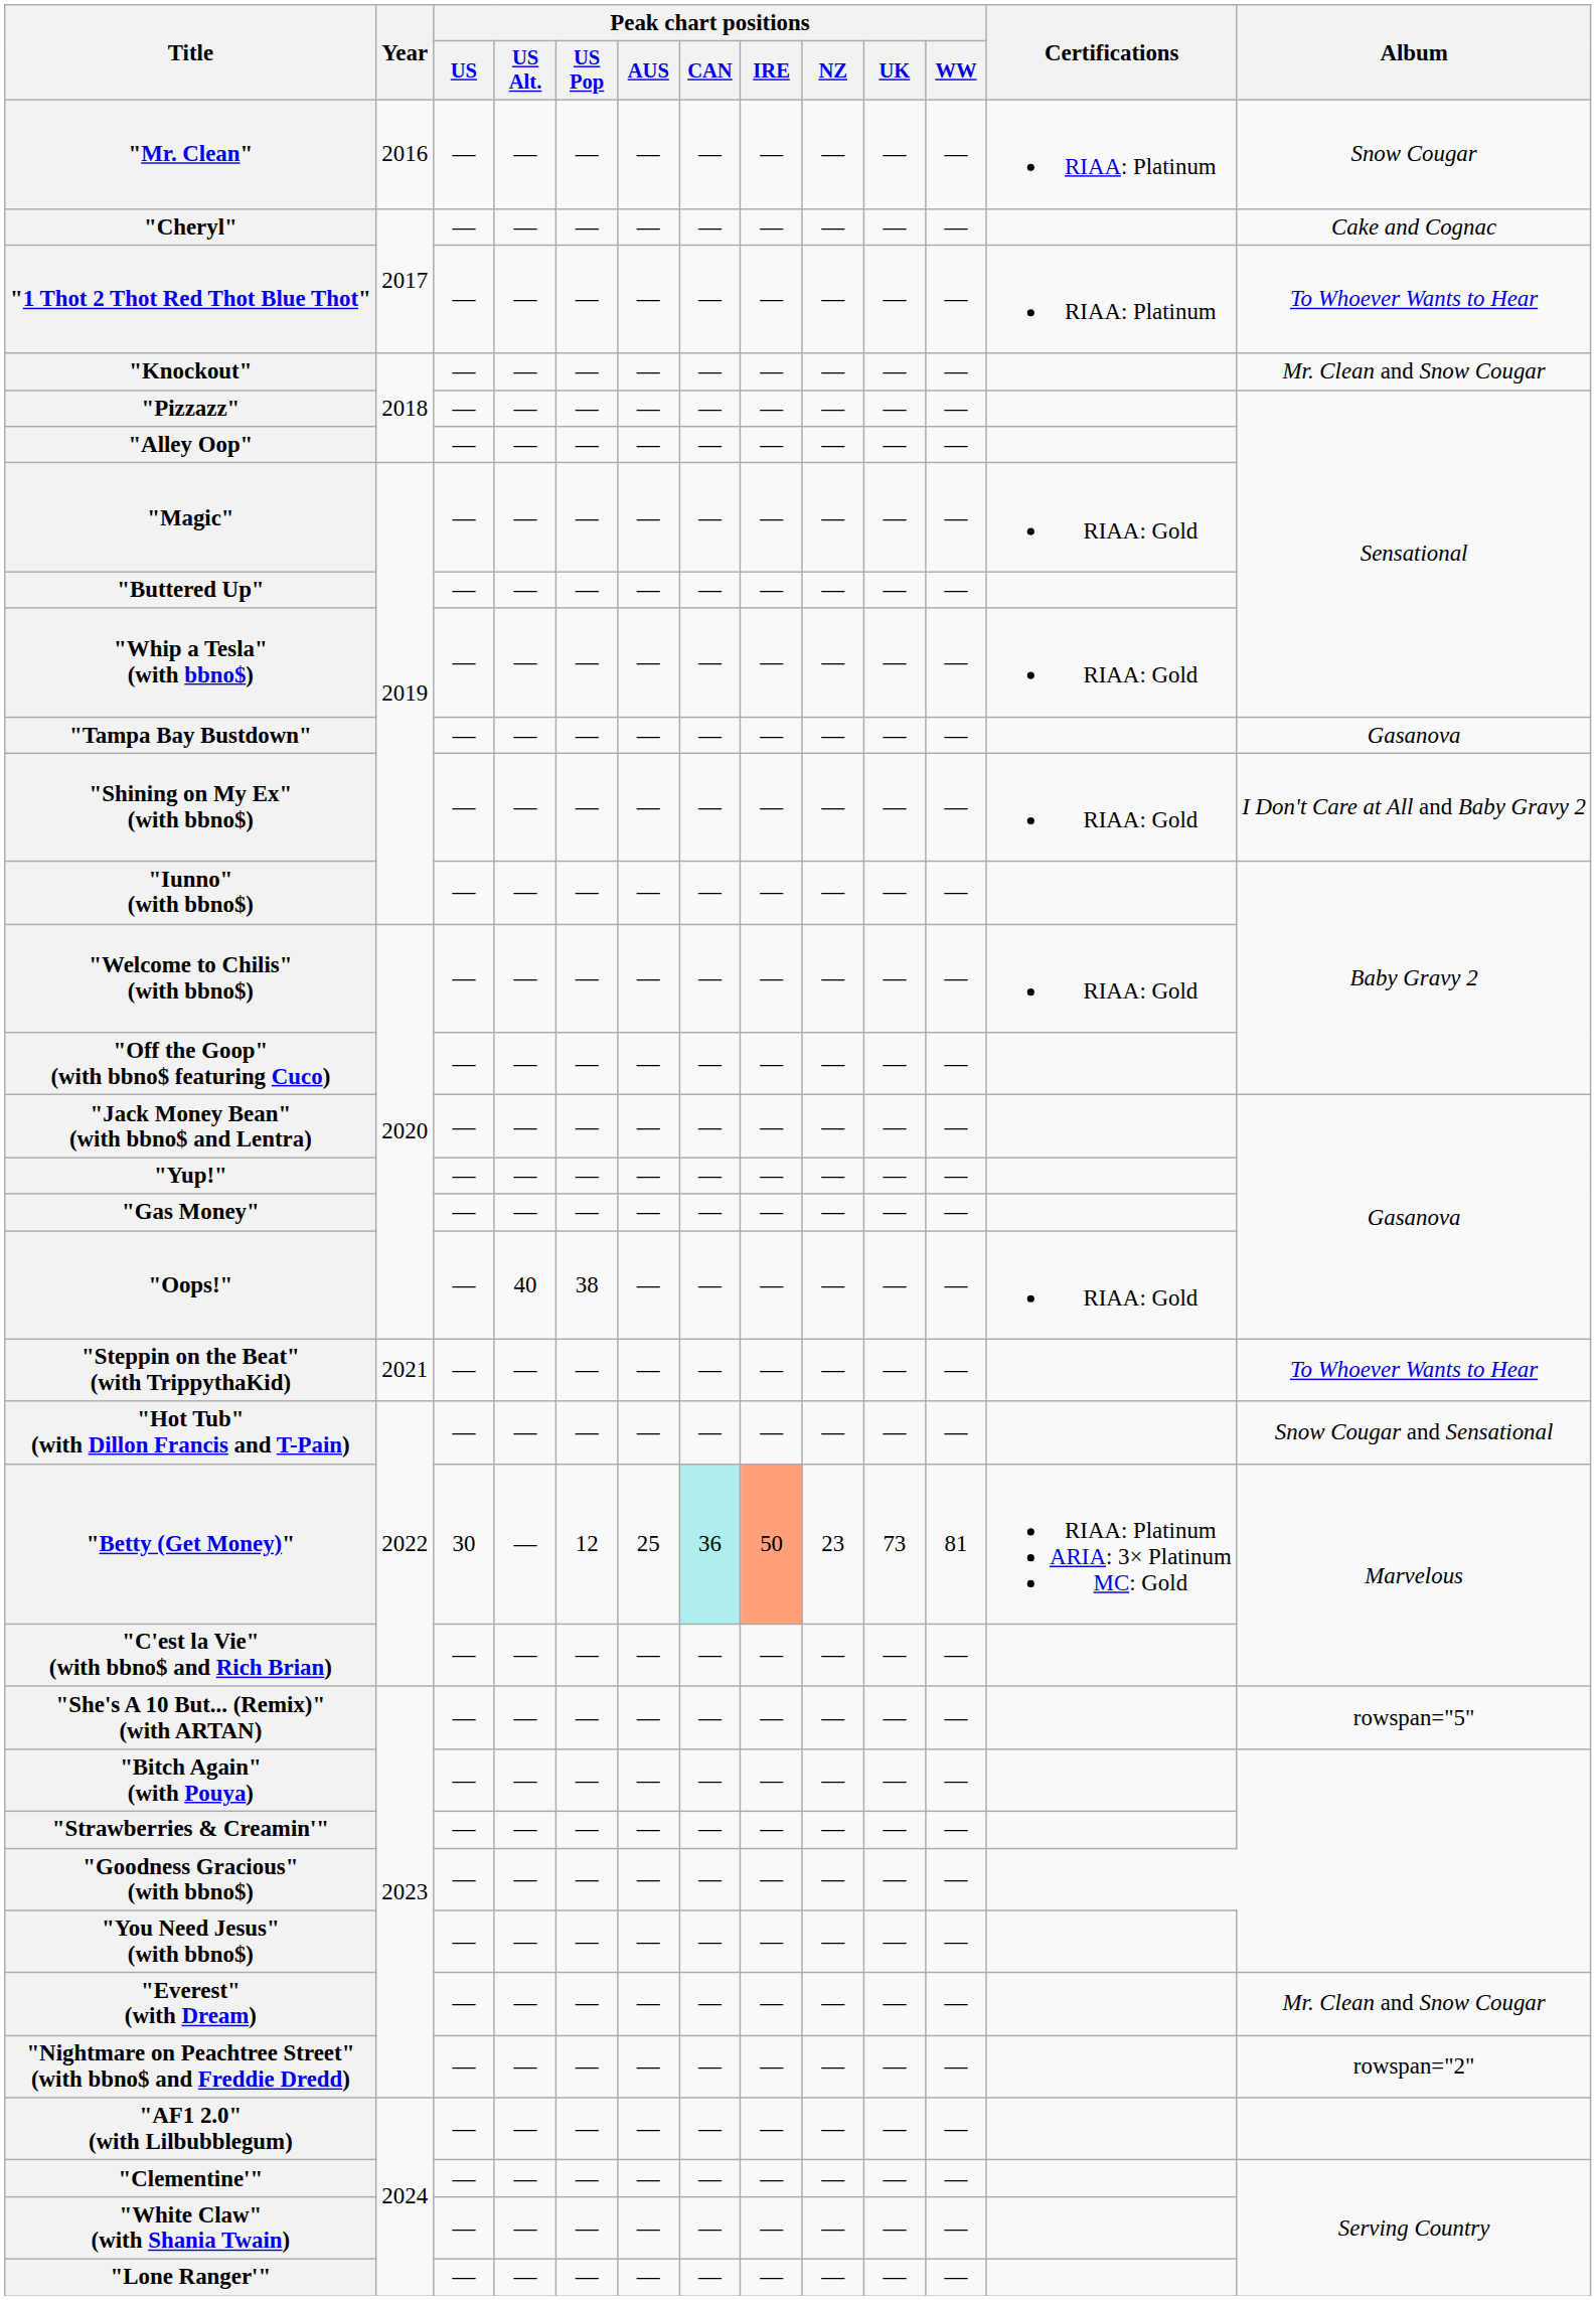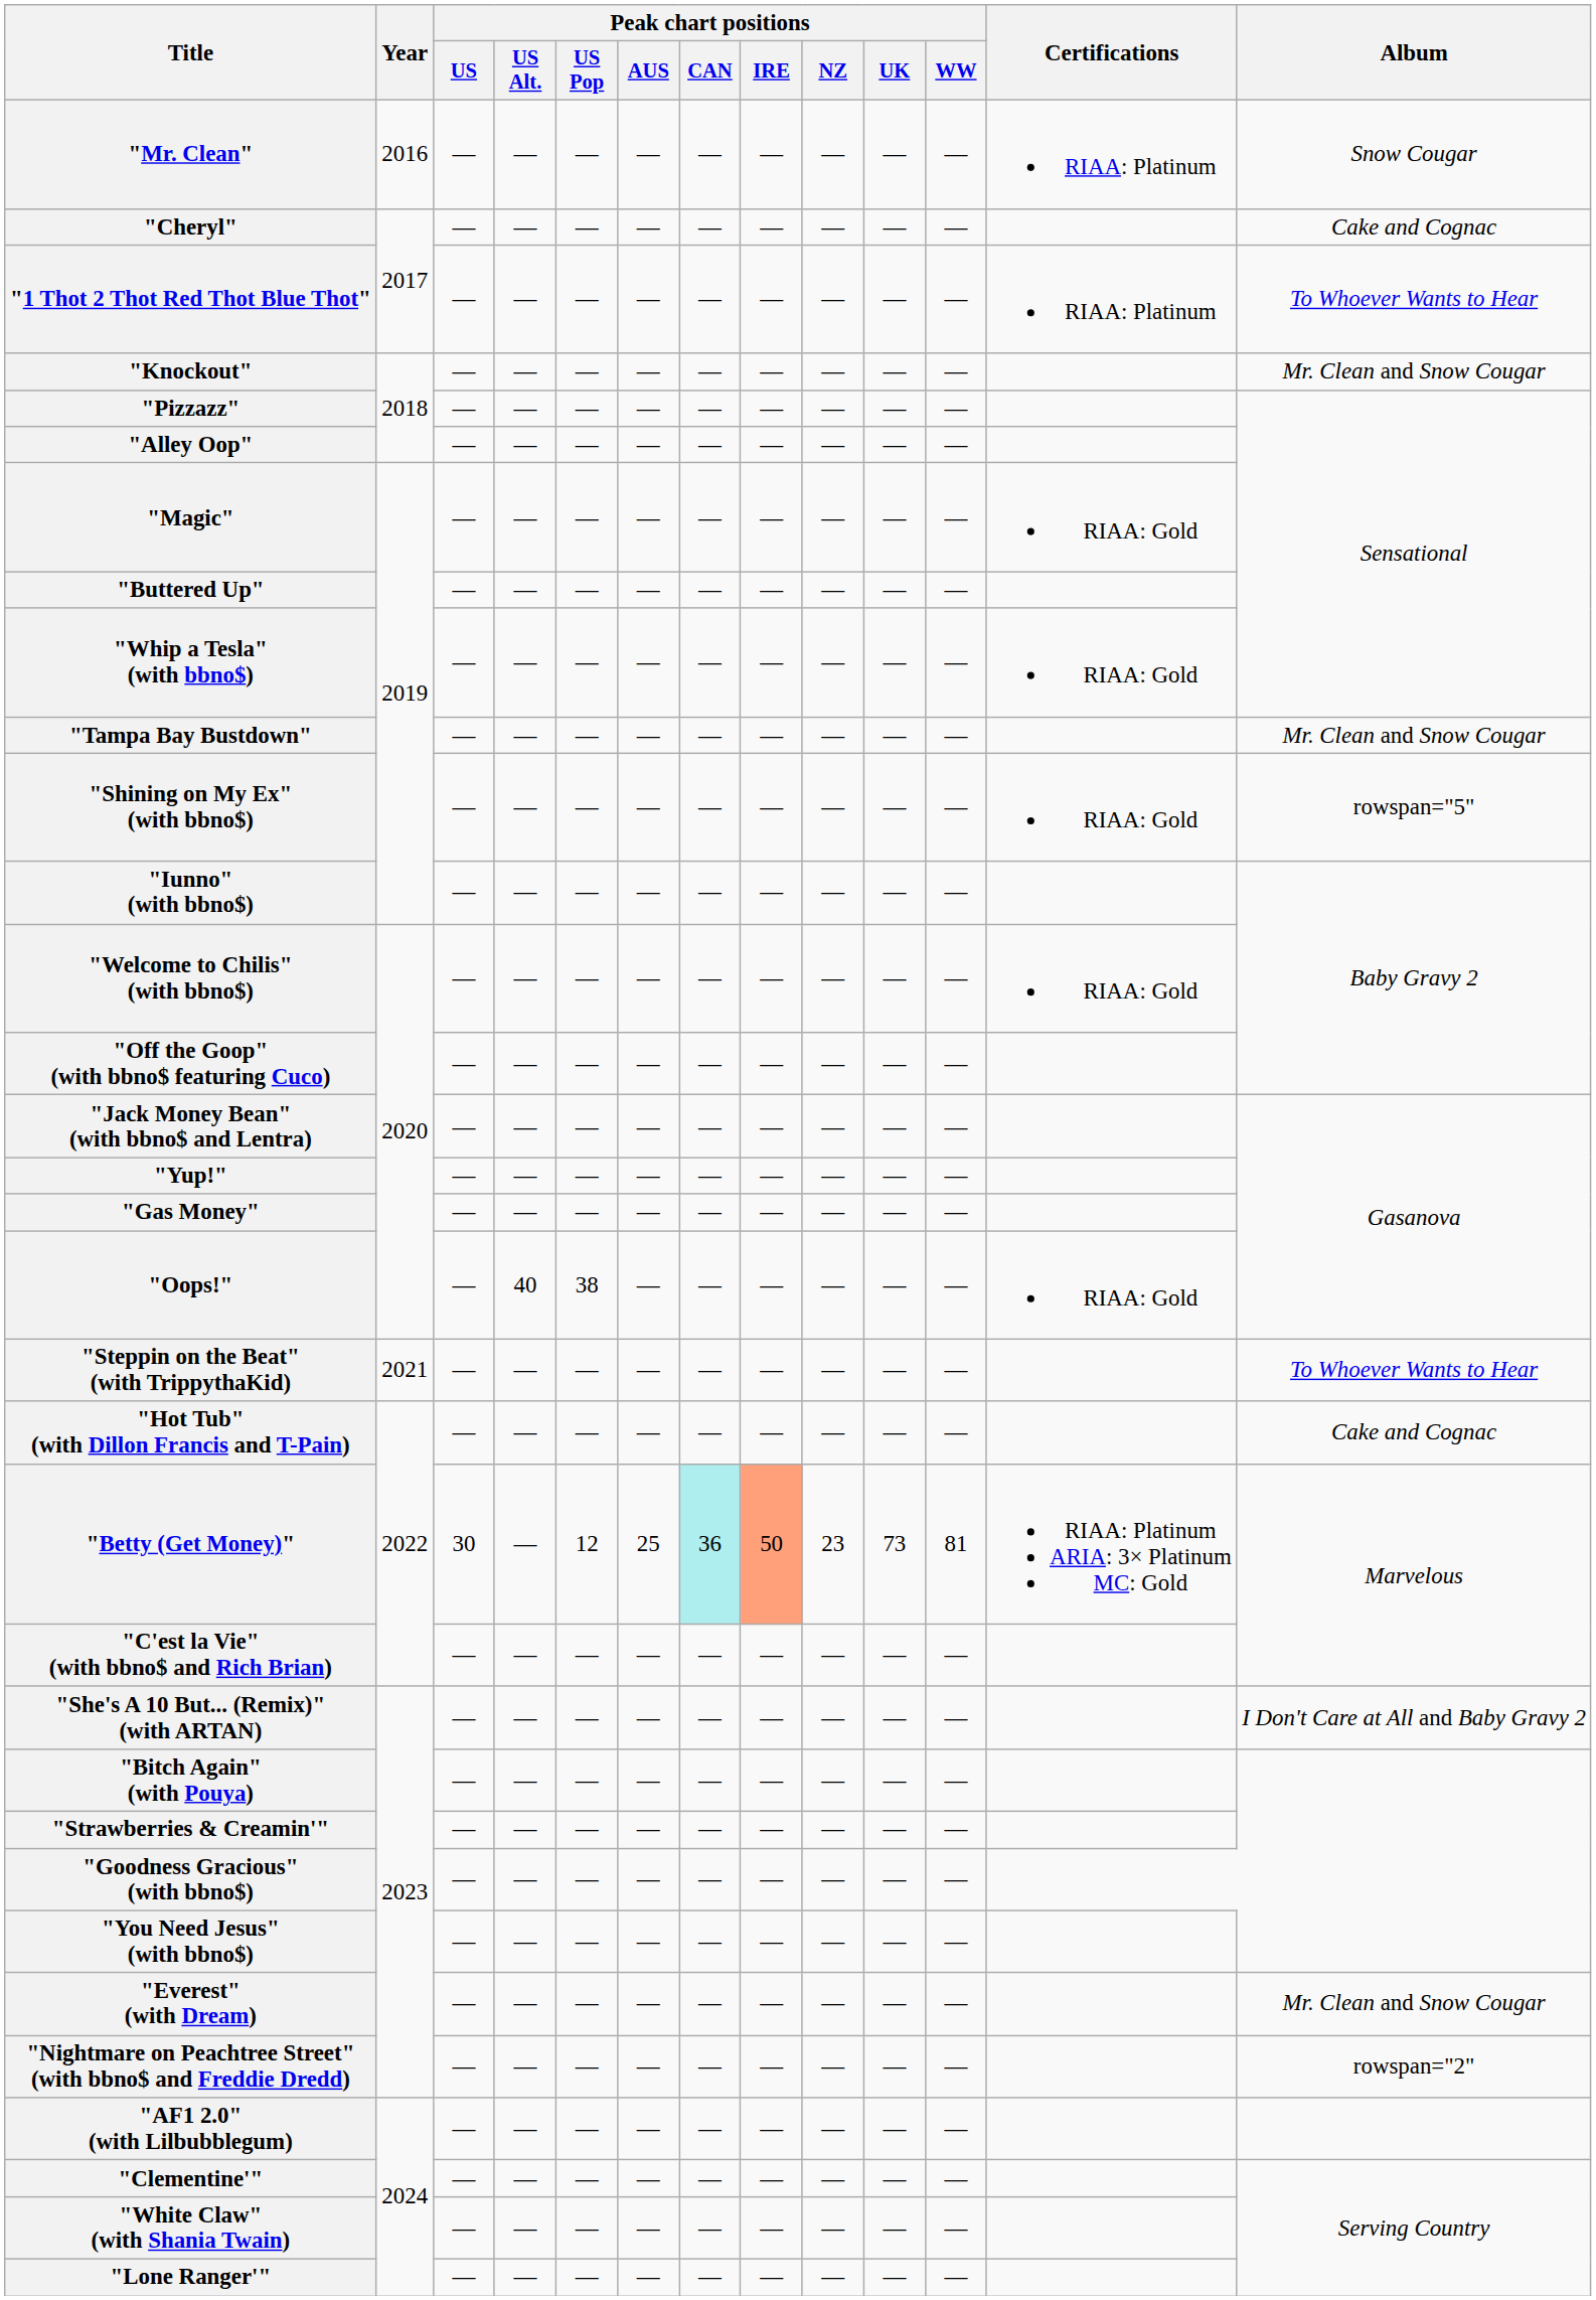 <table class="wikitable plainrowheaders" style="text-align:center;">
 <tr>
 <th rowspan="2">Title</th>
 <th rowspan="2">Year</th>
 <th colspan="9">Peak chart positions</th>
 <th rowspan="2">Certifications</th>
 <th rowspan="2">Album</th>
 </tr>
 <tr>
 <th scope="col" style="width:2.5em;font-size:90%;"><a href='#'>US</a><br></th>
 <th scope="col" style="width:2.5em;font-size:90%;"><a href='#'>US Alt.</a><br></th>
 <th scope="col" style="width:2.5em;font-size:90%;"><a href='#'>US Pop</a><br></th>
 <th scope="col" style="width:2.5em;font-size:90%;"><a href='#'>AUS</a><br></th>
 <th scope="col" style="width:2.5em;font-size:90%;"><a href='#'>CAN</a><br></th>
 <th scope="col" style="width:2.5em;font-size:90%;"><a href='#'>IRE</a><br></th>
 <th scope="col" style="width:2.5em;font-size:90%;"><a href='#'>NZ</a><br></th>
 <th scope="col" style="width:2.5em;font-size:90%;"><a href='#'>UK</a><br></th>
 <th scope="col" style="width:2.5em;font-size:90%;"><a href='#'>WW</a><br></th>
 </tr>
 <tr>
 <th scope="row">"<a href='#'>Mr. Clean</a>"</th>
 <td>2016</td>
 <td>—</td>
 <td>—</td>
 <td>—</td>
 <td>—</td>
 <td>—</td>
 <td>—</td>
 <td>—</td>
 <td>—</td>
 <td>—</td>
 <td><br><ul><li><a href='#'>RIAA</a>: Platinum</li></ul></td>
 <td><em>Snow Cougar</em></td>
 </tr>
 <tr>
 <th scope="row">"Cheryl"</th>
 <td rowspan="2">2017</td>
 <td>—</td>
 <td>—</td>
 <td>—</td>
 <td>—</td>
 <td>—</td>
 <td>—</td>
 <td>—</td>
 <td>—</td>
 <td>—</td>
 <td></td>
 <td><em>Cake and Cognac</em></td>
 </tr>
 <tr>
 <th scope="row">"<a href='#'>1 Thot 2 Thot Red Thot Blue Thot</a>"</th>
 <td>—</td>
 <td>—</td>
 <td>—</td>
 <td>—</td>
 <td>—</td>
 <td>—</td>
 <td>—</td>
 <td>—</td>
 <td>—</td>
 <td><br><ul><li>RIAA: Platinum</li></ul></td>
 <td><em><a href='#'>To Whoever Wants to Hear</a></em></td>
 </tr>
 <tr>
 <th scope="row">"Knockout"</th>
 <td rowspan="3">2018</td>
 <td>—</td>
 <td>—</td>
 <td>—</td>
 <td>—</td>
 <td>—</td>
 <td>—</td>
 <td>—</td>
 <td>—</td>
 <td>—</td>
 <td></td>
 <td><em>Mr. Clean</em> and <em>Snow Cougar</em></td>
 </tr>
 <tr>
 <th scope="row">"Pizzazz"</th>
 <td>—</td>
 <td>—</td>
 <td>—</td>
 <td>—</td>
 <td>—</td>
 <td>—</td>
 <td>—</td>
 <td>—</td>
 <td>—</td>
 <td></td>
 <td rowspan="5"><em>Sensational</em></td>
 </tr>
 <tr>
 <th scope="row">"Alley Oop"<br></th>
 <td>—</td>
 <td>—</td>
 <td>—</td>
 <td>—</td>
 <td>—</td>
 <td>—</td>
 <td>—</td>
 <td>—</td>
 <td>—</td>
 <td></td>
 </tr>
 <tr>
 <th scope="row">"Magic"</th>
 <td rowspan="6">2019</td>
 <td>—</td>
 <td>—</td>
 <td>—</td>
 <td>—</td>
 <td>—</td>
 <td>—</td>
 <td>—</td>
 <td>—</td>
 <td>—</td>
 <td><br><ul><li>RIAA: Gold</li></ul></td>
 </tr>
 <tr>
 <th scope="row">"Buttered Up"<br></th>
 <td>—</td>
 <td>—</td>
 <td>—</td>
 <td>—</td>
 <td>—</td>
 <td>—</td>
 <td>—</td>
 <td>—</td>
 <td>—</td>
 <td></td>
 </tr>
 <tr>
 <th scope="row">"Whip a Tesla"<br><span>(with <a href='#'>bbno$</a>)</span></th>
 <td>—</td>
 <td>—</td>
 <td>—</td>
 <td>—</td>
 <td>—</td>
 <td>—</td>
 <td>—</td>
 <td>—</td>
 <td>—</td>
 <td><br><ul><li>RIAA: Gold</li></ul></td>
 </tr>
 <tr>
 <th scope="row">"Tampa Bay Bustdown"<br></th>
 <td>—</td>
 <td>—</td>
 <td>—</td>
 <td>—</td>
 <td>—</td>
 <td>—</td>
 <td>—</td>
 <td>—</td>
 <td>—</td>
 <td></td>
-<td><em>Gasanova</em></td>
+<td><em>Mr. Clean</em> and <em>Snow Cougar</em></td>
 </tr>
 <tr>
 <th scope="row">"Shining on My Ex"<br><span>(with bbno$)</span></th>
 <td>—</td>
 <td>—</td>
 <td>—</td>
 <td>—</td>
 <td>—</td>
 <td>—</td>
 <td>—</td>
 <td>—</td>
 <td>—</td>
 <td><br><ul><li>RIAA: Gold</li></ul></td>
-<td><em>I Don't Care at All</em> and <em>Baby Gravy 2</em></td>
+<td>rowspan="5"</td>
 </tr>
 <tr>
 <th scope="row">"Iunno"<br><span>(with bbno$)</span></th>
 <td>—</td>
 <td>—</td>
 <td>—</td>
 <td>—</td>
 <td>—</td>
 <td>—</td>
 <td>—</td>
 <td>—</td>
 <td>—</td>
 <td></td>
 <td rowspan="3"><em>Baby Gravy 2</em></td>
 </tr>
 <tr>
 <th scope="row">"Welcome to Chilis"<br><span>(with bbno$)</span></th>
 <td rowspan="6">2020</td>
 <td>—</td>
 <td>—</td>
 <td>—</td>
 <td>—</td>
 <td>—</td>
 <td>—</td>
 <td>—</td>
 <td>—</td>
 <td>—</td>
 <td><br><ul><li>RIAA: Gold</li></ul></td>
 </tr>
 <tr>
 <th scope="row">"Off the Goop"<br><span>(with bbno$ featuring <a href='#'>Cuco</a>)</span></th>
 <td>—</td>
 <td>—</td>
 <td>—</td>
 <td>—</td>
 <td>—</td>
 <td>—</td>
 <td>—</td>
 <td>—</td>
 <td>—</td>
 <td></td>
 </tr>
 <tr>
 <th scope="row">"Jack Money Bean"<br><span>(with bbno$ and Lentra)</span></th>
 <td>—</td>
 <td>—</td>
 <td>—</td>
 <td>—</td>
 <td>—</td>
 <td>—</td>
 <td>—</td>
 <td>—</td>
 <td>—</td>
 <td></td>
 <td rowspan="4"><em>Gasanova</em></td>
 </tr>
 <tr>
 <th scope="row">"Yup!"</th>
 <td>—</td>
 <td>—</td>
 <td>—</td>
 <td>—</td>
 <td>—</td>
 <td>—</td>
 <td>—</td>
 <td>—</td>
 <td>—</td>
 <td></td>
 </tr>
 <tr>
 <th scope="row">"Gas Money"</th>
 <td>—</td>
 <td>—</td>
 <td>—</td>
 <td>—</td>
 <td>—</td>
 <td>—</td>
 <td>—</td>
 <td>—</td>
 <td>—</td>
 <td></td>
 </tr>
 <tr>
 <th scope="row">"Oops!"</th>
 <td>—</td>
 <td>40</td>
 <td>38</td>
 <td>—</td>
 <td>—</td>
 <td>—</td>
 <td>—</td>
 <td>—</td>
 <td>—</td>
 <td><br><ul><li>RIAA: Gold</li></ul></td>
 </tr>
 <tr>
 <th scope="row">"Steppin on the Beat"<br><span>(with TrippythaKid)</span></th>
 <td>2021</td>
 <td>—</td>
 <td>—</td>
 <td>—</td>
 <td>—</td>
 <td>—</td>
 <td>—</td>
 <td>—</td>
 <td>—</td>
 <td>—</td>
 <td></td>
 <td><em><a href='#'>To Whoever Wants to Hear</a></em></td>
 </tr>
 <tr>
 <th scope="row">"Hot Tub"<br><span>(with <a href='#'>Dillon Francis</a> and <a href='#'>T-Pain</a>)</span></th>
 <td rowspan="3">2022</td>
 <td>—</td>
 <td>—</td>
 <td>—</td>
 <td>—</td>
 <td>—</td>
 <td>—</td>
 <td>—</td>
 <td>—</td>
 <td>—</td>
 <td></td>
-<td><em>Snow Cougar</em> and <em>Sensational</em></td>
+<td><em>Cake and Cognac</em></td>
 </tr>
 <tr>
 <th scope="row">"<a href='#'>Betty (Get Money)</a>"</th>
 <td>30</td>
 <td>—</td>
 <td>12</td>
 <td>25</td>
 <td style="background: paleturquoise;">36</td>
 <td style="background: lightsalmon;">50<br></td>
 <td>23</td>
 <td>73</td>
 <td>81</td>
 <td><br><ul><li>RIAA: Platinum</li><li><a href='#'>ARIA</a>: 3× Platinum</li><li><a href='#'>MC</a>: Gold</li></ul></td>
 <td rowspan="2"><em>Marvelous</em></td>
 </tr>
 <tr>
 <th scope="row">"C'est la Vie"<br><span>(with bbno$ and <a href='#'>Rich Brian</a>)</span></th>
 <td>—</td>
 <td>—</td>
 <td>—</td>
 <td>—</td>
 <td>—</td>
 <td>—</td>
 <td>—</td>
 <td>—</td>
 <td>—</td>
 <td></td>
 </tr>
 <tr>
 <th scope="row">"She's A 10 But... (Remix)"<br><span>(with ARTAN)</span></th>
 <td rowspan="7">2023</td>
 <td>—</td>
 <td>—</td>
 <td>—</td>
 <td>—</td>
 <td>—</td>
 <td>—</td>
 <td>—</td>
 <td>—</td>
 <td>—</td>
 <td></td>
-<td>rowspan="5"</td>
+<td><em>I Don't Care at All</em> and <em>Baby Gravy 2</em></td>
 </tr>
 <tr>
 <th scope="row">"Bitch Again"<br><span>(with <a href='#'>Pouya</a>)</span></th>
 <td>—</td>
 <td>—</td>
 <td>—</td>
 <td>—</td>
 <td>—</td>
 <td>—</td>
 <td>—</td>
 <td>—</td>
 <td>—</td>
 <td></td>
 </tr>
 <tr>
 <th scope="row">"Strawberries & Creamin'"</th>
 <td>—</td>
 <td>—</td>
 <td>—</td>
 <td>—</td>
 <td>—</td>
 <td>—</td>
 <td>—</td>
 <td>—</td>
 <td>—</td>
 <td></td>
 </tr>
 <tr>
 <th scope="row">"Goodness Gracious"<br><span>(with bbno$)</span></th>
 <td>—</td>
 <td>—</td>
 <td>—</td>
 <td>—</td>
 <td>—</td>
 <td>—</td>
 <td>—</td>
 <td>—</td>
 <td>—</td>
 </tr>
 <tr>
 <th scope="row">"You Need Jesus"<br><span>(with bbno$)</span></th>
 <td>—</td>
 <td>—</td>
 <td>—</td>
 <td>—</td>
 <td>—</td>
 <td>—</td>
 <td>—</td>
 <td>—</td>
 <td>—</td>
 <td></td>
 </tr>
 <tr>
 <th scope="row">"Everest"<br><span>(with <a href='#'>Dream</a>)</span></th>
 <td>—</td>
 <td>—</td>
 <td>—</td>
 <td>—</td>
 <td>—</td>
 <td>—</td>
 <td>—</td>
 <td>—</td>
 <td>—</td>
 <td></td>
 <td><em>Mr. Clean</em> and <em>Snow Cougar</em></td>
 </tr>
 <tr>
 <th scope="row">"Nightmare on Peachtree Street"<br><span>(with bbno$ and <a href='#'>Freddie Dredd</a>)</span></th>
 <td>—</td>
 <td>—</td>
 <td>—</td>
 <td>—</td>
 <td>—</td>
 <td>—</td>
 <td>—</td>
 <td>—</td>
 <td>—</td>
 <td></td>
 <td>rowspan="2" </td>
 </tr>
 <tr>
 <th scope="row">"AF1 2.0"<br><span>(with Lilbubblegum)</span></th>
 <td rowspan="4">2024</td>
 <td>—</td>
 <td>—</td>
 <td>—</td>
 <td>—</td>
 <td>—</td>
 <td>—</td>
 <td>—</td>
 <td>—</td>
 <td>—</td>
 <td></td>
 </tr>
 <tr>
 <th scope="row">"Clementine'"</th>
 <td>—</td>
 <td>—</td>
 <td>—</td>
 <td>—</td>
 <td>—</td>
 <td>—</td>
 <td>—</td>
 <td>—</td>
 <td>—</td>
 <td></td>
 <td rowspan="3"><em>Serving Country</em></td>
 </tr>
 <tr>
 <th scope="row">"White Claw"<br><span>(with <a href='#'>Shania Twain</a>)</span></th>
 <td>—</td>
 <td>—</td>
 <td>—</td>
 <td>—</td>
 <td>—</td>
 <td>—</td>
 <td>—</td>
 <td>—</td>
 <td>—</td>
 <td></td>
 </tr>
 <tr>
 <th scope="row">"Lone Ranger'"</th>
 <td>—</td>
 <td>—</td>
 <td>—</td>
 <td>—</td>
 <td>—</td>
 <td>—</td>
 <td>—</td>
 <td>—</td>
 <td>—</td>
 <td></td>
 </tr>
 </table>
